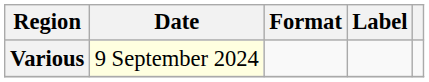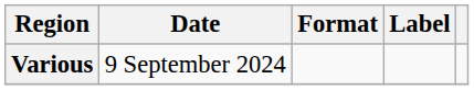 <table class="wikitable plainrowheaders">
 <tr>
 <th scope="col">Region</th>
 <th scope="col">Date</th>
 <th scope="col">Format</th>
 <th scope="col">Label</th>
 <th scope="col"></th>
 </tr>
 <tr>
 <th scope="row">Various</th>
-<td style="background: lightyellow;">9 September 2024</td>
+<td>9 September 2024</td>
 <td rowspan></td>
 <td rowspan></td>
 <td style="text-align:center"></td>
 </tr>
 <tr>
 </tr>
 </table>
